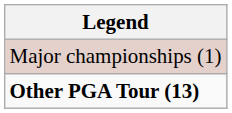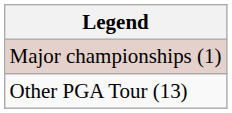 <table class="wikitable" style="font-size:95%;">
 <tr>
 <th>Legend</th>
 </tr>
 <tr style="background:#e5d1cb;">
 <td>Major championships  (1)</td>
 </tr>
 <tr>
-<td><strong>Other PGA Tour (13)</strong></td>
+<td>Other PGA Tour (13)</td>
 </tr>
 </table>
